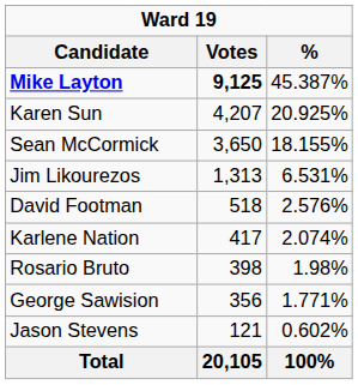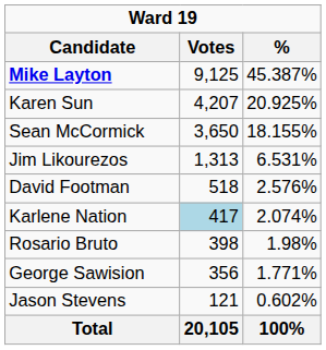 <table class="wikitable">
 <tr>
 <td Colspan="3" align="center"><strong>Ward 19</strong></td>
 </tr>
 <tr>
 <th bgcolor="#DDDDFF" width="150px">Candidate</th>
 <th bgcolor="#DDDDFF">Votes</th>
 <th bgcolor="#DDDDFF">%</th>
 </tr>
 <tr>
 <td><strong><a href='#'>Mike Layton</a></strong></td>
-<td align=right><strong>9,125</strong></td>
+<td align=right>9,125</td>
 <td align=right>45.387%</td>
 </tr>
 <tr>
 <td>Karen Sun</td>
 <td align=right>4,207</td>
 <td align=right>20.925%</td>
 </tr>
 <tr>
 <td>Sean McCormick</td>
 <td align=right>3,650</td>
 <td align=right>18.155%</td>
 </tr>
 <tr>
 <td>Jim Likourezos</td>
 <td align=right>1,313</td>
 <td align=right>6.531%</td>
 </tr>
 <tr>
 <td>David Footman</td>
 <td align=right>518</td>
 <td align=right>2.576%</td>
 </tr>
 <tr>
 <td>Karlene Nation</td>
-<td align=right>417</td>
+<td align=right style="background: lightblue;">417</td>
 <td align=right>2.074%</td>
 </tr>
 <tr>
 <td>Rosario Bruto</td>
 <td align=right>398</td>
 <td align=right>1.98%</td>
 </tr>
 <tr>
 <td>George Sawision</td>
 <td align=right>356</td>
 <td align=right>1.771%</td>
 </tr>
 <tr>
 <td>Jason Stevens</td>
 <td align=right>121</td>
 <td align=right>0.602%</td>
 </tr>
 <tr>
 <th>Total</th>
 <th align=right>20,105</th>
 <th align=right>100%</th>
 </tr>
 </table>
